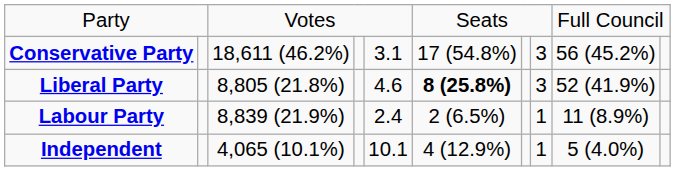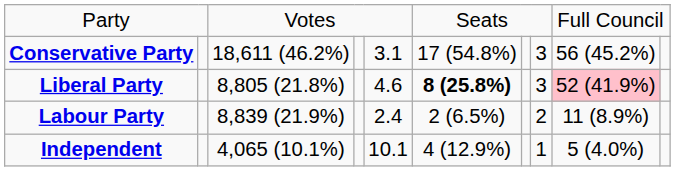 <table class=wikitable style="text-align:center;">
 <tr>
 <td colspan=2>Party</td>
 <td colspan=3>Votes</td>
 <td colspan=3>Seats</td>
 <td colspan=3>Full Council</td>
 </tr>
 <tr>
 <td><strong><a href='#'>Conservative Party</a></strong></td>
 <td style="background:"></td>
 <td>18,611 (46.2%)</td>
 <td></td>
 <td> 3.1</td>
 <td>17 (54.8%)</td>
 <td></td>
 <td> 3</td>
 <td>56 (45.2%)</td>
 <td></td>
 </tr>
 <tr>
 <td><strong><a href='#'>Liberal Party</a></strong></td>
 <td style="background:"></td>
 <td>8,805 (21.8%)</td>
 <td></td>
 <td> 4.6</td>
 <td><strong>8 (25.8%)</strong></td>
 <td></td>
 <td> 3</td>
-<td>52 (41.9%)</td>
+<td style="background: pink;">52 (41.9%)</td>
 <td></td>
 </tr>
 <tr>
 <td><strong><a href='#'>Labour Party</a></strong></td>
 <td style="background:"></td>
 <td>8,839 (21.9%)</td>
 <td></td>
 <td> 2.4</td>
 <td>2 (6.5%)</td>
 <td></td>
-<td> 1</td>
+<td> 2</td>
 <td>11 (8.9%)</td>
 <td></td>
 </tr>
 <tr>
 <td><strong><a href='#'>Independent</a></strong></td>
 <td style="background:"></td>
 <td>4,065 (10.1%)</td>
 <td></td>
 <td> 10.1</td>
 <td>4 (12.9%)</td>
 <td></td>
 <td> 1</td>
 <td>5 (4.0%)</td>
 <td></td>
 </tr>
 </table>
